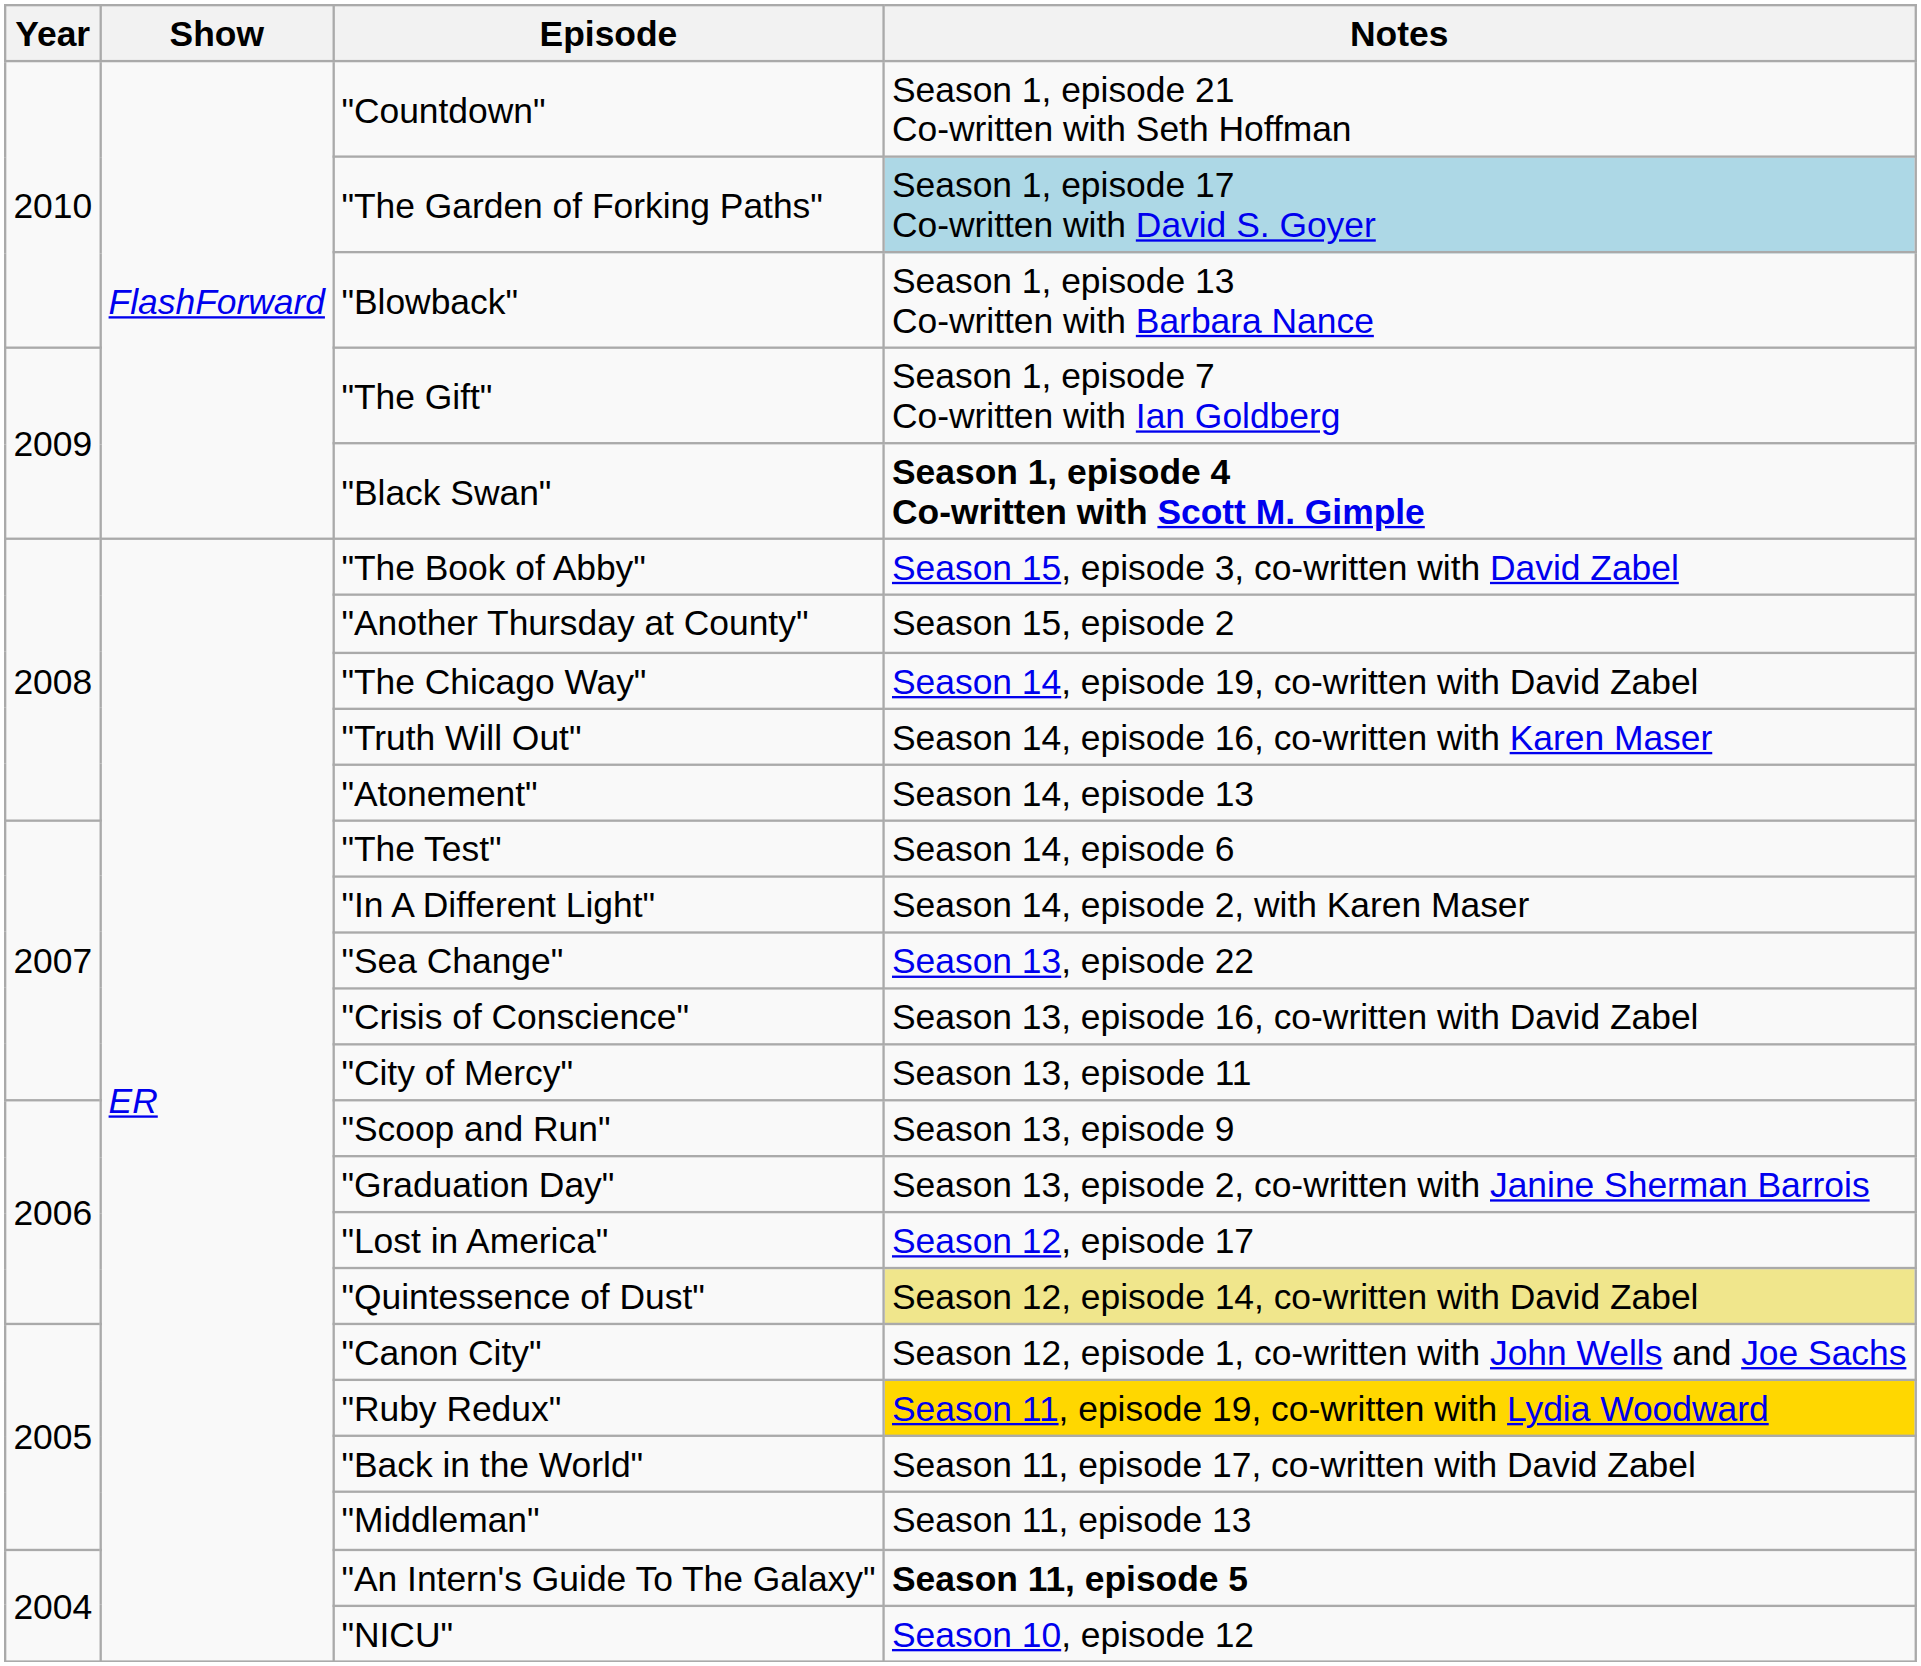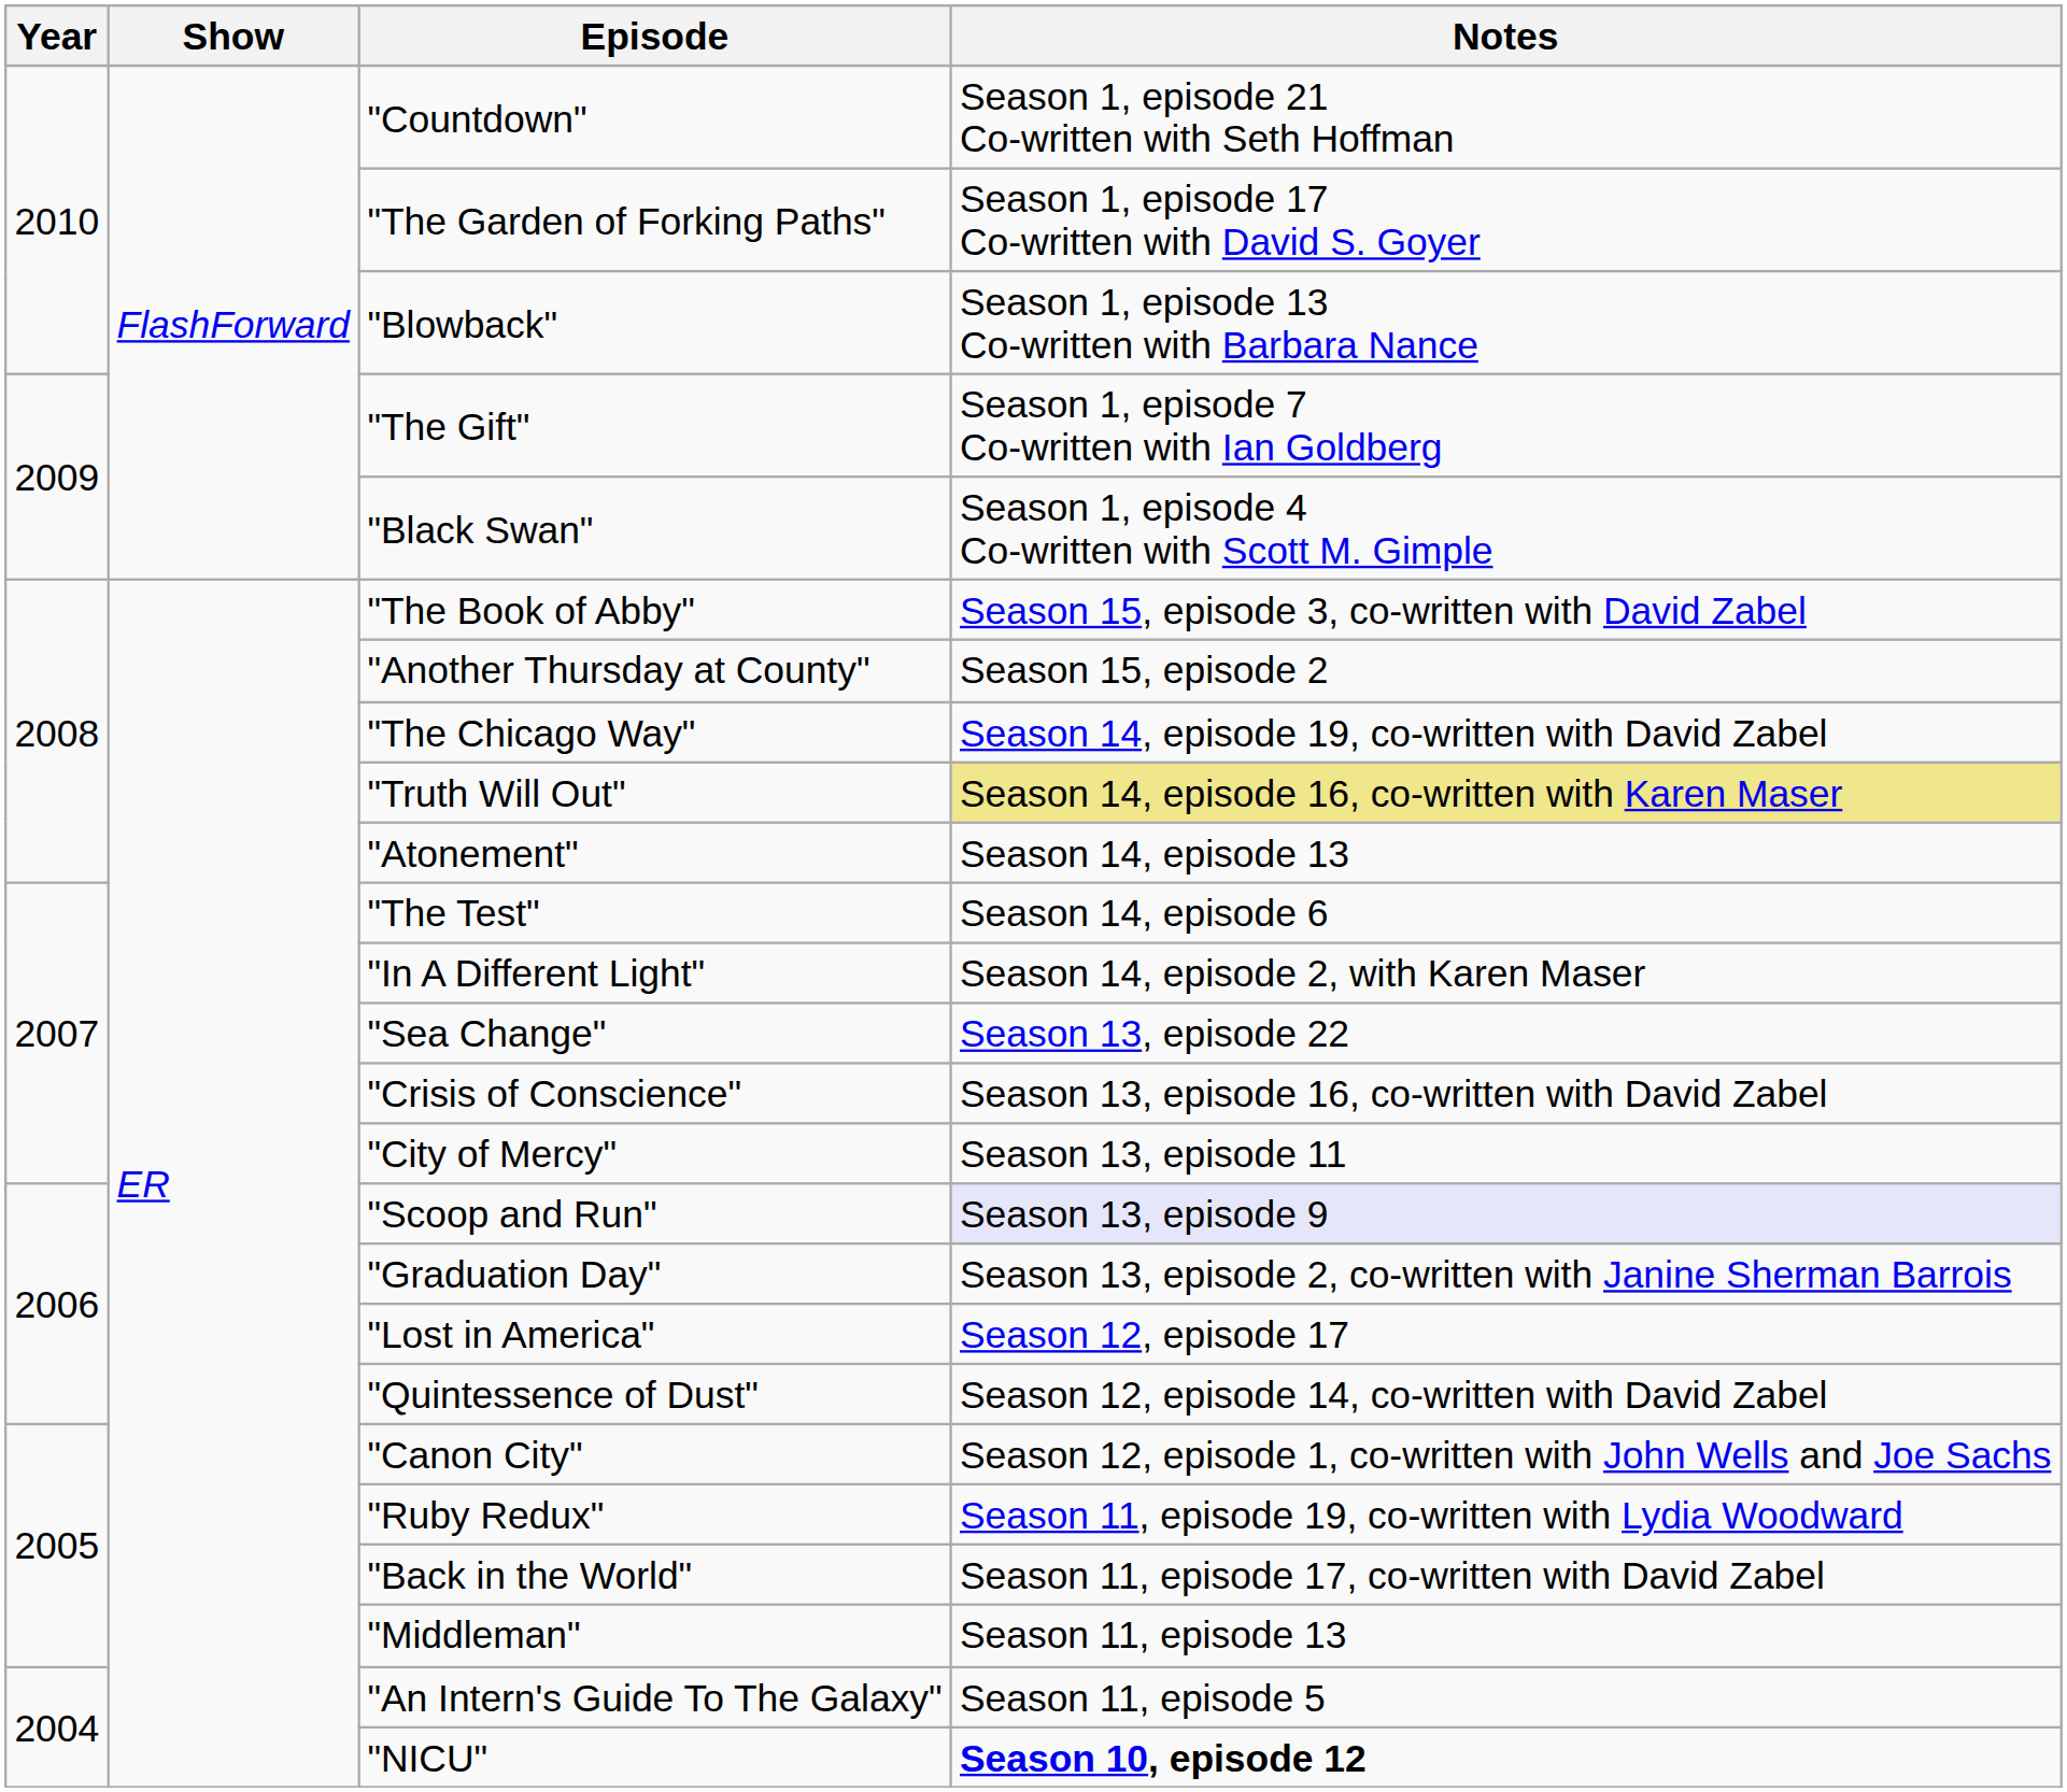 <table class="wikitable" style="font-size: 95%;">
 <tr>
 <th>Year</th>
 <th>Show</th>
 <th>Episode</th>
 <th>Notes</th>
 </tr>
 <tr>
 <td rowspan=3>2010</td>
 <td rowspan=5><em><a href='#'>FlashForward</a></em></td>
 <td>"Countdown"</td>
 <td>Season 1, episode 21<br>Co-written with Seth Hoffman</td>
 </tr>
 <tr>
 <td>"The Garden of Forking Paths"</td>
-<td style="background: lightblue;">Season 1, episode 17<br>Co-written with <a href='#'>David S. Goyer</a></td>
+<td>Season 1, episode 17<br>Co-written with <a href='#'>David S. Goyer</a></td>
 </tr>
 <tr>
 <td>"Blowback"</td>
 <td>Season 1, episode 13<br>Co-written with <a href='#'>Barbara Nance</a></td>
 </tr>
 <tr>
 <td rowspan=2>2009</td>
 <td>"The Gift"</td>
 <td>Season 1, episode 7<br>Co-written with <a href='#'>Ian Goldberg</a></td>
 </tr>
 <tr>
 <td>"Black Swan"</td>
-<td><strong>Season 1, episode 4<br>Co-written with <a href='#'>Scott M. Gimple</a></strong></td>
+<td>Season 1, episode 4<br>Co-written with <a href='#'>Scott M. Gimple</a></td>
 </tr>
 <tr>
 <td rowspan=5>2008</td>
 <td rowspan=20><em><a href='#'>ER</a></em></td>
 <td>"The Book of Abby"</td>
 <td><a href='#'>Season 15</a>, episode 3, co-written with <a href='#'>David Zabel</a></td>
 </tr>
 <tr>
 <td>"Another Thursday at County"</td>
 <td>Season 15, episode 2</td>
 </tr>
 <tr>
 <td>"The Chicago Way"</td>
 <td><a href='#'>Season 14</a>, episode 19, co-written with David Zabel</td>
 </tr>
 <tr>
 <td>"Truth Will Out"</td>
-<td>Season 14, episode 16, co-written with <a href='#'>Karen Maser</a></td>
+<td style="background: khaki;">Season 14, episode 16, co-written with <a href='#'>Karen Maser</a></td>
 </tr>
 <tr>
 <td>"Atonement"</td>
 <td>Season 14, episode 13</td>
 </tr>
 <tr>
 <td rowspan=5>2007</td>
 <td>"The Test"</td>
 <td>Season 14, episode 6</td>
 </tr>
 <tr>
 <td>"In A Different Light"</td>
 <td>Season 14, episode 2, with Karen Maser</td>
 </tr>
 <tr>
 <td>"Sea Change"</td>
 <td><a href='#'>Season 13</a>, episode 22</td>
 </tr>
 <tr>
 <td>"Crisis of Conscience"</td>
 <td>Season 13, episode 16, co-written with David Zabel</td>
 </tr>
 <tr>
 <td>"City of Mercy"</td>
 <td>Season 13, episode 11</td>
 </tr>
 <tr>
 <td rowspan=4>2006</td>
 <td>"Scoop and Run"</td>
-<td>Season 13, episode 9</td>
+<td style="background: lavender;">Season 13, episode 9</td>
 </tr>
 <tr>
 <td>"Graduation Day"</td>
 <td>Season 13, episode 2, co-written with <a href='#'>Janine Sherman Barrois</a></td>
 </tr>
 <tr>
 <td>"Lost in America"</td>
 <td><a href='#'>Season 12</a>, episode 17</td>
 </tr>
 <tr>
 <td>"Quintessence of Dust"</td>
-<td style="background: khaki;">Season 12, episode 14, co-written with David Zabel</td>
+<td>Season 12, episode 14, co-written with David Zabel</td>
 </tr>
 <tr>
 <td rowspan=4>2005</td>
 <td>"Canon City"</td>
 <td>Season 12, episode 1, co-written with <a href='#'>John Wells</a> and <a href='#'>Joe Sachs</a></td>
 </tr>
 <tr>
 <td>"Ruby Redux"</td>
-<td style="background: gold;"><a href='#'>Season 11</a>, episode 19, co-written with <a href='#'>Lydia Woodward</a></td>
+<td><a href='#'>Season 11</a>, episode 19, co-written with <a href='#'>Lydia Woodward</a></td>
 </tr>
 <tr>
 <td>"Back in the World"</td>
 <td>Season 11, episode 17, co-written with David Zabel</td>
 </tr>
 <tr>
 <td>"Middleman"</td>
 <td>Season 11, episode 13</td>
 </tr>
 <tr>
 <td rowspan=2>2004</td>
 <td>"An Intern's Guide To The Galaxy"</td>
-<td><strong>Season 11, episode 5</strong></td>
+<td>Season 11, episode 5</td>
 </tr>
 <tr>
 <td>"NICU"</td>
-<td><a href='#'>Season 10</a>, episode 12</td>
+<td><strong><a href='#'>Season 10</a>, episode 12</strong></td>
 </tr>
 <tr>
 </tr>
 </table>
